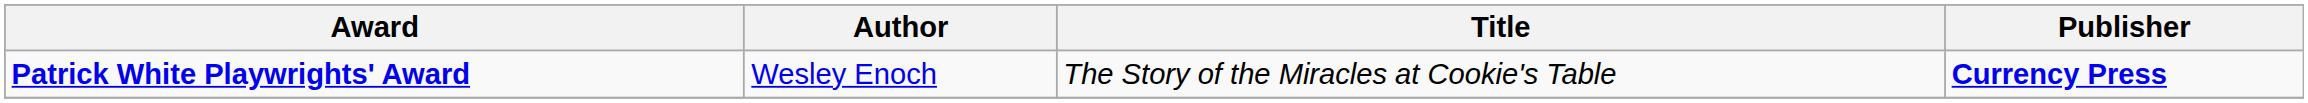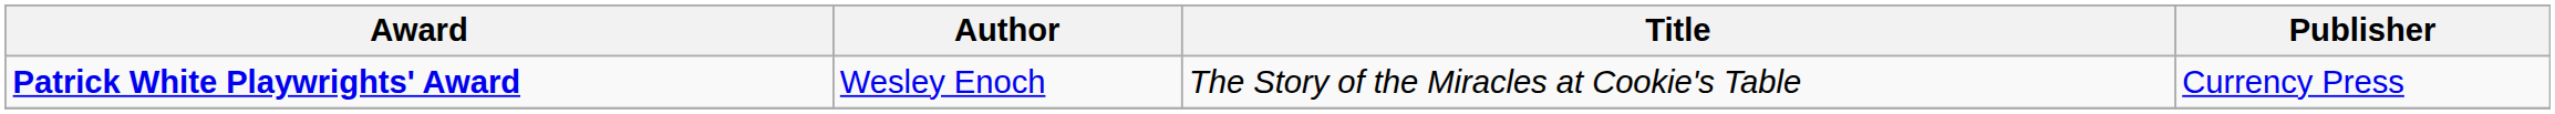 <table class="wikitable" width=100%>
 <tr>
 <th>Award</th>
 <th>Author</th>
 <th>Title</th>
 <th>Publisher</th>
 </tr>
 <tr>
 <td><strong><a href='#'>Patrick White Playwrights' Award</a></strong></td>
 <td><a href='#'>Wesley Enoch</a></td>
 <td><em>The Story of the Miracles at Cookie's Table</em></td>
-<td><strong><a href='#'>Currency Press</a></strong></td>
+<td><a href='#'>Currency Press</a></td>
 </tr>
 <tr>
 </tr>
 </table>
